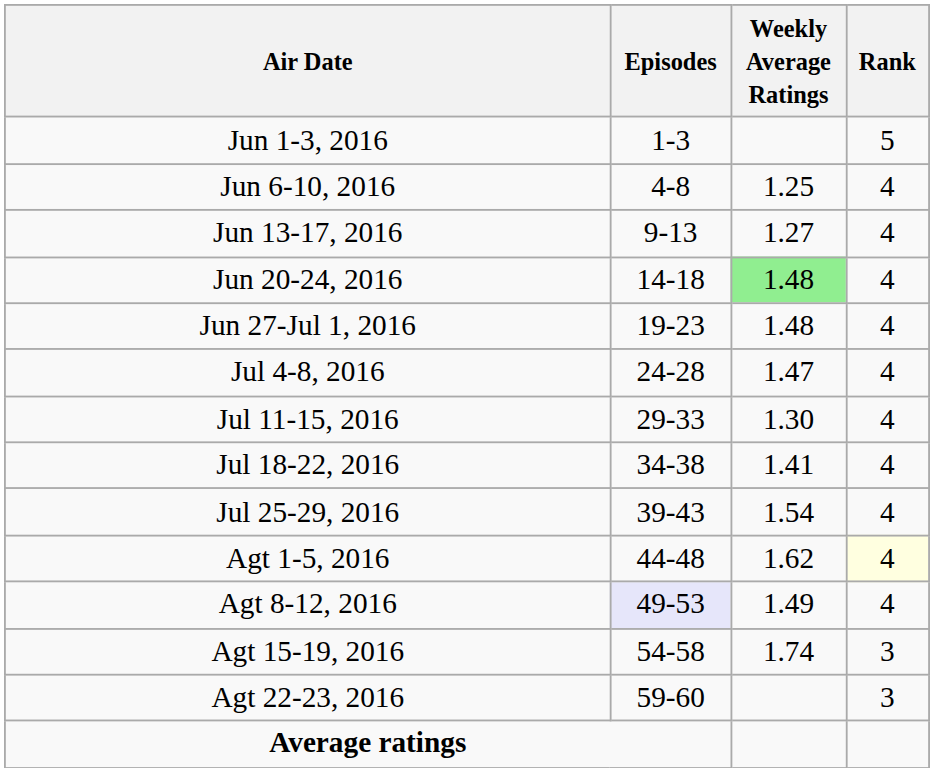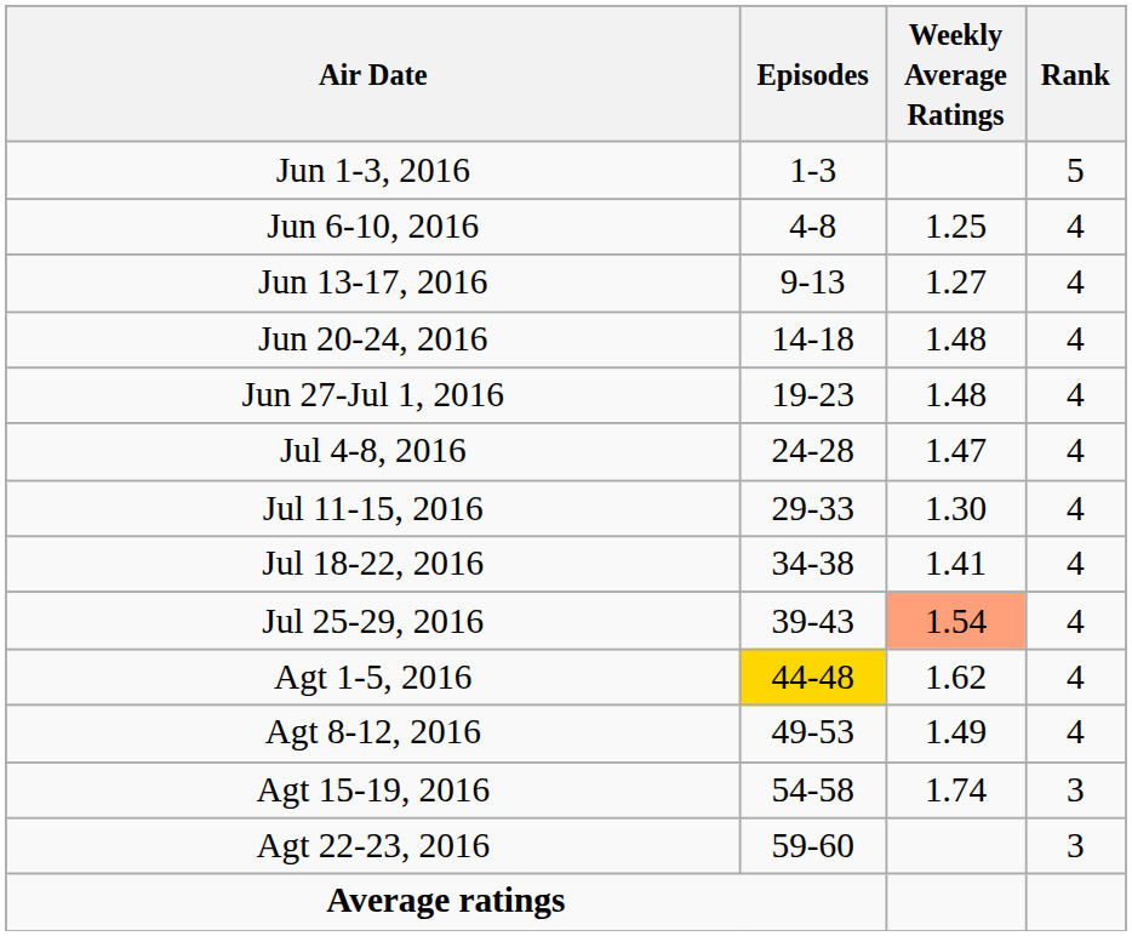 <table class="wikitable" style="text-align:center;width:40%;">
 <tr>
 <th width="50%"><small>Air Date</small></th>
 <th width="5%"><small>Episodes</small></th>
 <th width="6%"><small>Weekly Average Ratings</small></th>
 <th width="4%"><small>Rank</small></th>
 </tr>
 <tr>
 <td>Jun 1-3, 2016</td>
 <td>1-3</td>
 <td><strong></strong></td>
 <td>5</td>
 </tr>
 <tr>
 <td>Jun 6-10, 2016</td>
 <td>4-8</td>
 <td>1.25</td>
 <td>4</td>
 </tr>
 <tr>
 <td>Jun 13-17, 2016</td>
 <td>9-13</td>
 <td>1.27</td>
 <td>4</td>
 </tr>
 <tr>
 <td>Jun 20-24, 2016</td>
 <td>14-18</td>
-<td style="background: lightgreen;">1.48</td>
+<td>1.48</td>
 <td>4</td>
 </tr>
 <tr>
 <td>Jun 27-Jul 1, 2016</td>
 <td>19-23</td>
 <td>1.48</td>
 <td>4</td>
 </tr>
 <tr>
 <td>Jul 4-8, 2016</td>
 <td>24-28</td>
 <td>1.47</td>
 <td>4</td>
 </tr>
 <tr>
 <td>Jul 11-15, 2016</td>
 <td>29-33</td>
 <td>1.30</td>
 <td>4</td>
 </tr>
 <tr>
 <td>Jul 18-22, 2016</td>
 <td>34-38</td>
 <td>1.41</td>
 <td>4</td>
 </tr>
 <tr>
 <td>Jul 25-29, 2016</td>
 <td>39-43</td>
-<td>1.54</td>
+<td style="background: lightsalmon;">1.54</td>
 <td>4</td>
 </tr>
 <tr>
 <td>Agt 1-5, 2016</td>
-<td>44-48</td>
+<td style="background: gold;">44-48</td>
 <td>1.62</td>
-<td style="background: lightyellow;">4</td>
+<td>4</td>
 </tr>
 <tr>
 <td>Agt 8-12, 2016</td>
-<td style="background: lavender;">49-53</td>
+<td>49-53</td>
 <td>1.49</td>
 <td>4</td>
 </tr>
 <tr>
 <td>Agt 15-19, 2016</td>
 <td>54-58</td>
 <td>1.74</td>
 <td>3</td>
 </tr>
 <tr>
 <td>Agt 22-23, 2016</td>
 <td>59-60</td>
 <td><strong></strong></td>
 <td>3</td>
 </tr>
 <tr>
 <td colspan=2><strong>Average ratings</strong></td>
 <td></td>
 <td></td>
 </tr>
 </table>
